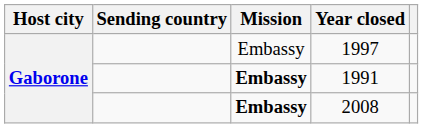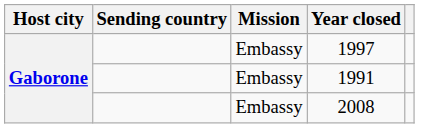 <table class="wikitable plainrowheaders">
 <tr>
 <th scope="col">Host city</th>
 <th scope="col">Sending country</th>
 <th scope="col">Mission</th>
 <th scope="col">Year closed</th>
 <th scope="col"></th>
 </tr>
 <tr>
 <th rowspan="3"><a href='#'>Gaborone</a></th>
 <td></td>
 <td style="text-align:center;">Embassy</td>
 <td style="text-align:center;">1997</td>
 <td style="text-align:center;"></td>
 </tr>
 <tr>
 <td></td>
-<td style="text-align:center;"><strong>Embassy</strong></td>
+<td style="text-align:center;">Embassy</td>
 <td style="text-align:center;">1991</td>
 <td style="text-align:center;"></td>
 </tr>
 <tr>
 <td></td>
-<td style="text-align:center;"><strong>Embassy</strong></td>
+<td style="text-align:center;">Embassy</td>
 <td style="text-align:center;">2008</td>
 <td style="text-align:center;"></td>
 </tr>
 </table>
